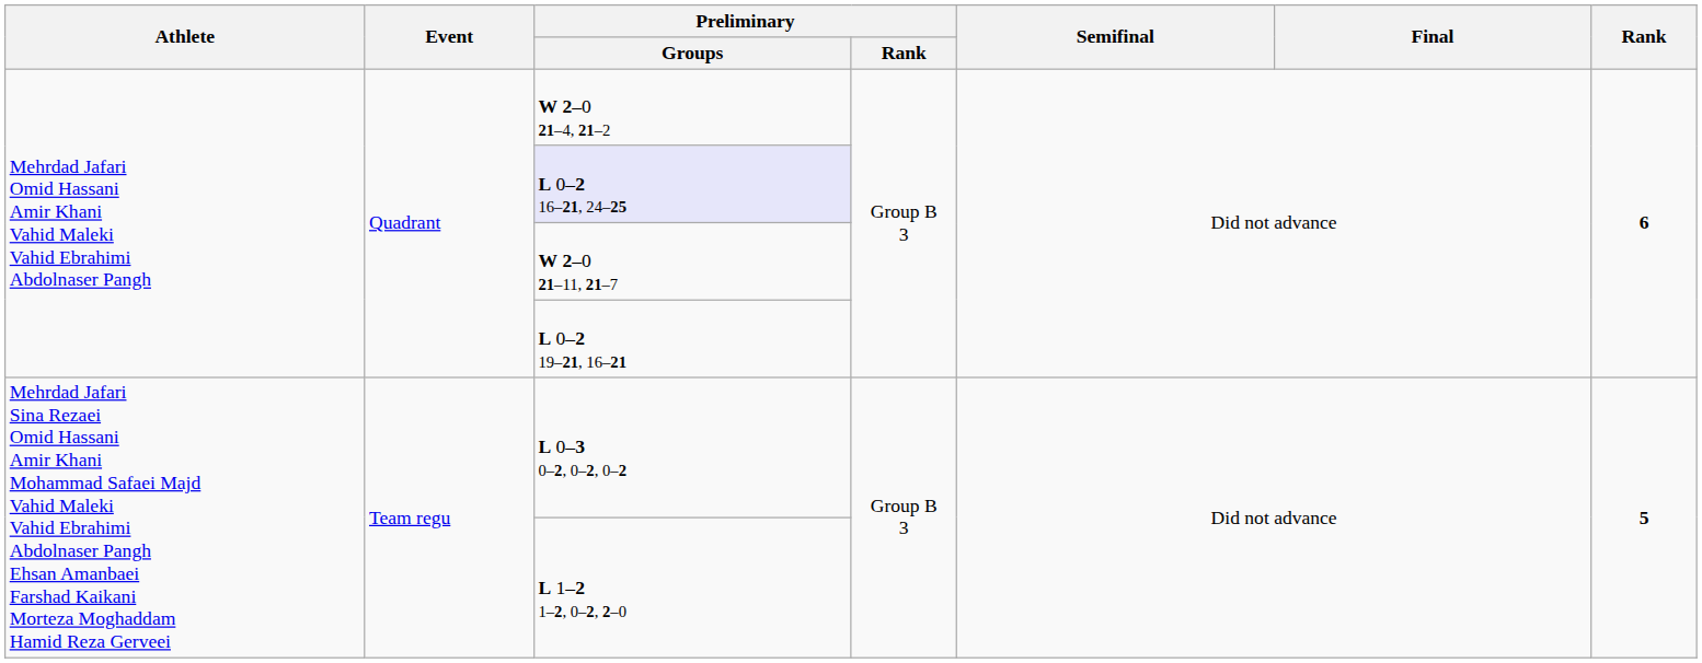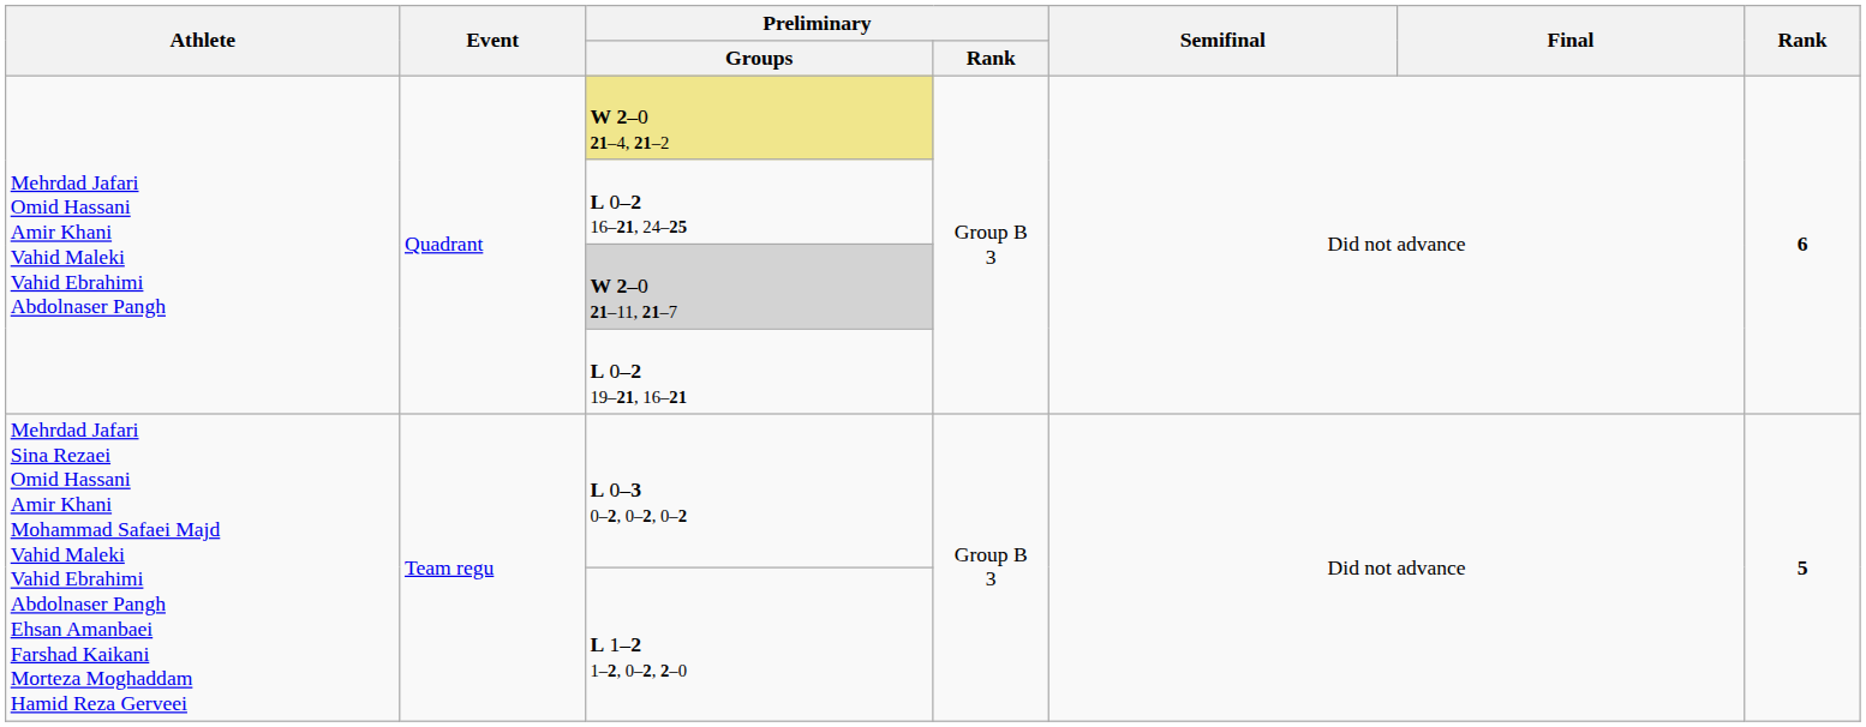 <table class="wikitable" width="80%" style="text-align:left; font-size:90%">
 <tr>
 <th rowspan="2" width="17%">Athlete</th>
 <th rowspan="2" width="8%">Event</th>
 <th colspan="2">Preliminary</th>
 <th rowspan="2" width="15%">Semifinal</th>
 <th rowspan="2" width="15%">Final</th>
 <th rowspan="2" width="5%">Rank</th>
 </tr>
 <tr>
 <th width="15%">Groups</th>
 <th width="5%">Rank</th>
 </tr>
 <tr>
 <td rowspan="4"><a href='#'>Mehrdad Jafari</a><br><a href='#'>Omid Hassani</a><br><a href='#'>Amir Khani</a><br><a href='#'>Vahid Maleki</a><br><a href='#'>Vahid Ebrahimi</a><br><a href='#'>Abdolnaser Pangh</a></td>
 <td rowspan="4"><a href='#'>Quadrant</a></td>
-<td><br><strong>W</strong> <strong>2</strong>–0<br><small><strong>21</strong>–4, <strong>21</strong>–2</small></td>
+<td style="background: khaki;"><br><strong>W</strong> <strong>2</strong>–0<br><small><strong>21</strong>–4, <strong>21</strong>–2</small></td>
 <td rowspan="4" align=center>Group B<br>3</td>
 <td rowspan="4" colspan=2 align=center>Did not advance</td>
 <td rowspan="4" align="center"><strong>6</strong></td>
 </tr>
 <tr>
-<td style="background: lavender;"><br><strong>L</strong> 0–<strong>2</strong><br><small>16–<strong>21</strong>, 24–<strong>25</strong></small></td>
+<td><br><strong>L</strong> 0–<strong>2</strong><br><small>16–<strong>21</strong>, 24–<strong>25</strong></small></td>
 </tr>
 <tr>
-<td><br><strong>W</strong> <strong>2</strong>–0<br><small><strong>21</strong>–11, <strong>21</strong>–7</small></td>
+<td style="background: lightgrey;"><br><strong>W</strong> <strong>2</strong>–0<br><small><strong>21</strong>–11, <strong>21</strong>–7</small></td>
 </tr>
 <tr>
 <td><br><strong>L</strong> 0–<strong>2</strong><br><small>19–<strong>21</strong>, 16–<strong>21</strong></small></td>
 </tr>
 <tr>
 <td rowspan="2"><a href='#'>Mehrdad Jafari</a><br><a href='#'>Sina Rezaei</a><br><a href='#'>Omid Hassani</a><br><a href='#'>Amir Khani</a><br><a href='#'>Mohammad Safaei Majd</a><br><a href='#'>Vahid Maleki</a><br><a href='#'>Vahid Ebrahimi</a><br><a href='#'>Abdolnaser Pangh</a><br><a href='#'>Ehsan Amanbaei</a><br><a href='#'>Farshad Kaikani</a><br><a href='#'>Morteza Moghaddam</a><br><a href='#'>Hamid Reza Gerveei</a></td>
 <td rowspan="2"><a href='#'>Team regu</a></td>
 <td><br><strong>L</strong> 0–<strong>3</strong><br><small>0–<strong>2</strong>, 0–<strong>2</strong>, 0–<strong>2</strong></small></td>
 <td rowspan="2" align=center>Group B<br>3</td>
 <td rowspan="2" colspan=2 align=center>Did not advance</td>
 <td rowspan="2" align="center"><strong>5</strong></td>
 </tr>
 <tr>
 <td><br><strong>L</strong> 1–<strong>2</strong><br><small>1–<strong>2</strong>, 0–<strong>2</strong>, <strong>2</strong>–0</small></td>
 </tr>
 </table>
